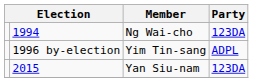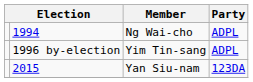 <table class="wikitable">
 <tr>
 <th colspan="2">Election</th>
 <th>Member</th>
 <th>Party</th>
 </tr>
 <tr>
 <td style="background-color: "></td>
 <td><a href='#'>1994</a></td>
 <td>Ng Wai-cho</td>
-<td><a href='#'>123DA</a></td>
+<td><a href='#'>ADPL</a></td>
 </tr>
 <tr>
 <td style="background-color: "></td>
 <td>1996 by-election</td>
 <td>Yim Tin-sang</td>
 <td><a href='#'>ADPL</a></td>
 </tr>
 <tr>
 <td style="background-color: "></td>
 <td><a href='#'>2015</a></td>
 <td>Yan Siu-nam</td>
 <td><a href='#'>123DA</a></td>
 </tr>
 <tr>
 </tr>
 </table>
